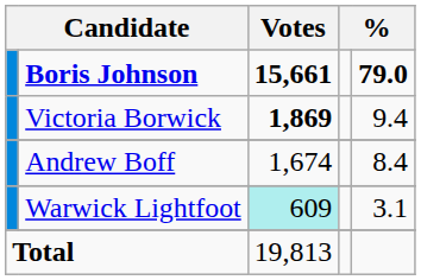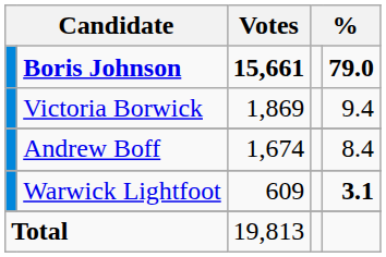 <table class="wikitable">
 <tr>
 <th colspan="2">Candidate</th>
 <th>Votes</th>
 <th colspan="2">%</th>
 </tr>
 <tr>
 <td style="background:#0087DC;"></td>
 <td><strong><a href='#'>Boris Johnson</a></strong></td>
 <td style="text-align:right;"><strong>15,661</strong></td>
 <td style="text-align:right;"></td>
 <td style="text-align:right;"><strong>79.0</strong></td>
 </tr>
 <tr>
 <td style="background:#0087DC;"></td>
 <td><a href='#'>Victoria Borwick</a></td>
-<td style="text-align:right;"><strong>1,869</strong></td>
+<td style="text-align:right;">1,869</td>
 <td style="text-align:right;"></td>
 <td style="text-align:right;">9.4</td>
 </tr>
 <tr style="background:#f6f6f6; text-align:right;">
 </tr>
 <tr>
 <td style="background:#0087DC;"></td>
 <td><a href='#'>Andrew Boff</a></td>
 <td style="text-align:right;">1,674</td>
 <td style="text-align:right;"></td>
 <td style="text-align:right;">8.4</td>
 </tr>
 <tr style="background:#f6f6f6; text-align:right;">
 </tr>
 <tr>
 <td style="background:#0087DC;"></td>
 <td><a href='#'>Warwick Lightfoot</a></td>
-<td style="background: paleturquoise; text-align:right;">609</td>
+<td style="text-align:right;">609</td>
 <td style="text-align:right;"></td>
-<td style="text-align:right;">3.1</td>
+<td style="text-align:right;"><strong>3.1</strong></td>
 </tr>
 <tr style="background:#f6f6f6; text-align:right;">
 </tr>
 <tr>
 <td colspan="2"><strong>Total</strong></td>
 <td>19,813</td>
 <td></td>
 <td></td>
 </tr>
 </table>
